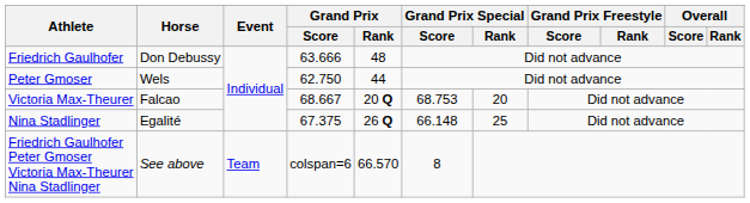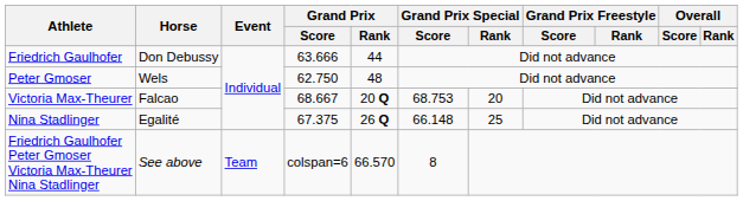 <table class=wikitable style="font-size:90%">
 <tr>
 <th rowspan="2">Athlete</th>
 <th rowspan="2">Horse</th>
 <th rowspan="2">Event</th>
 <th colspan="2">Grand Prix</th>
 <th colspan="2">Grand Prix Special</th>
 <th colspan="2">Grand Prix Freestyle</th>
 <th colspan="2">Overall</th>
 </tr>
 <tr style="font-size:95%">
 <th>Score</th>
 <th>Rank</th>
 <th>Score</th>
 <th>Rank</th>
 <th>Score</th>
 <th>Rank</th>
 <th>Score</th>
 <th>Rank</th>
 </tr>
 <tr align=center>
 <td align=left><a href='#'>Friedrich Gaulhofer</a></td>
 <td align=left>Don Debussy</td>
 <td align=left rowspan=4><a href='#'>Individual</a></td>
 <td>63.666</td>
-<td>48</td>
+<td>44</td>
 <td colspan=6>Did not advance</td>
 </tr>
 <tr align=center>
 <td align=left><a href='#'>Peter Gmoser</a></td>
 <td align=left>Wels</td>
 <td>62.750</td>
-<td>44</td>
+<td>48</td>
 <td colspan=6>Did not advance</td>
 </tr>
 <tr align=center>
 <td align=left><a href='#'>Victoria Max-Theurer</a></td>
 <td align=left>Falcao</td>
 <td>68.667</td>
 <td>20 <strong>Q</strong></td>
 <td>68.753</td>
 <td>20</td>
 <td colspan=4>Did not advance</td>
 </tr>
 <tr align=center>
 <td align=left><a href='#'>Nina Stadlinger</a></td>
 <td align=left>Egalité</td>
 <td>67.375</td>
 <td>26 <strong>Q</strong></td>
 <td>66.148</td>
 <td>25</td>
 <td colspan=4>Did not advance</td>
 </tr>
 <tr align=center>
 <td align=left><a href='#'>Friedrich Gaulhofer</a><br><a href='#'>Peter Gmoser</a><br><a href='#'>Victoria Max-Theurer</a><br><a href='#'>Nina Stadlinger</a></td>
 <td align=left><em>See above</em></td>
 <td align=left><a href='#'>Team</a></td>
 <td>colspan=6 </td>
 <td>66.570</td>
 <td>8</td>
 </tr>
 </table>
